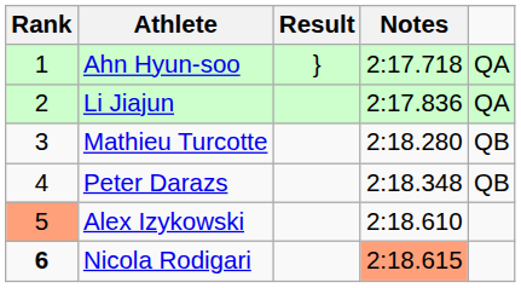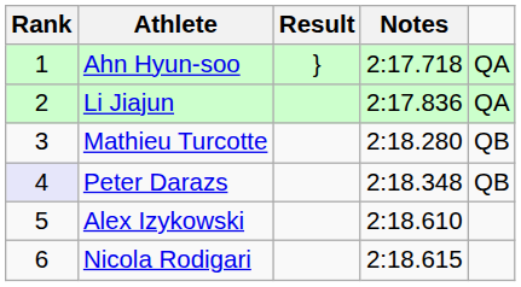 <table class="wikitable" style="text-align:center">
 <tr>
 <th>Rank</th>
 <th>Athlete</th>
 <th>Result</th>
 <th>Notes</th>
 </tr>
 <tr bgcolor=ccffcc>
 <td>1</td>
 <td align=left><a href='#'>Ahn Hyun-soo</a></td>
 <td>}</td>
 <td>2:17.718</td>
 <td>QA</td>
 </tr>
 <tr bgcolor=ccffcc>
 <td>2</td>
 <td align=left><a href='#'>Li Jiajun</a></td>
 <td></td>
 <td>2:17.836</td>
 <td>QA</td>
 </tr>
 <tr>
 <td>3</td>
 <td align=left><a href='#'>Mathieu Turcotte</a></td>
 <td></td>
 <td>2:18.280</td>
 <td>QB</td>
 </tr>
 <tr>
-<td>4</td>
+<td style="background: lavender;">4</td>
 <td align=left><a href='#'>Peter Darazs</a></td>
 <td></td>
 <td>2:18.348</td>
 <td>QB</td>
 </tr>
 <tr>
-<td style="background: lightsalmon;">5</td>
+<td>5</td>
 <td align=left><a href='#'>Alex Izykowski</a></td>
 <td></td>
 <td>2:18.610</td>
 <td></td>
 </tr>
 <tr>
-<td><strong>6</strong></td>
+<td>6</td>
 <td align=left><a href='#'>Nicola Rodigari</a></td>
 <td></td>
-<td style="background: lightsalmon;">2:18.615</td>
+<td>2:18.615</td>
 <td></td>
 </tr>
 </table>
